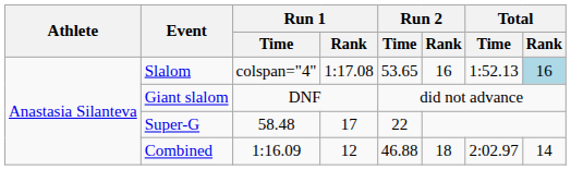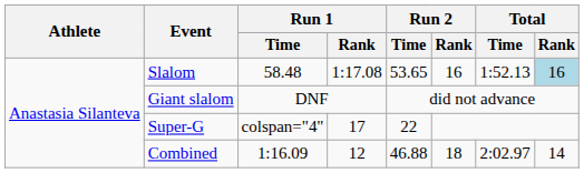 <table class="wikitable" style="font-size:90%">
 <tr>
 <th rowspan=2>Athlete</th>
 <th rowspan=2>Event</th>
 <th colspan=2>Run 1</th>
 <th colspan=2>Run 2</th>
 <th colspan=2>Total</th>
 </tr>
 <tr style="font-size:95%">
 <th>Time</th>
 <th>Rank</th>
 <th>Time</th>
 <th>Rank</th>
 <th>Time</th>
 <th>Rank</th>
 </tr>
 <tr align=center>
 <td align="left" rowspan="4"><a href='#'>Anastasia Silanteva</a></td>
 <td align="left"><a href='#'>Slalom</a></td>
-<td>colspan="4" </td>
+<td>58.48</td>
 <td>1:17.08</td>
 <td>53.65</td>
 <td>16</td>
 <td>1:52.13</td>
 <td style="background: lightblue;">16</td>
 </tr>
 <tr align=center>
 <td align="left"><a href='#'>Giant slalom</a></td>
 <td colspan=2>DNF</td>
 <td colspan=4>did not advance</td>
 </tr>
 <tr align=center>
 <td align="left"><a href='#'>Super-G</a></td>
-<td>58.48</td>
+<td>colspan="4" </td>
 <td>17</td>
 <td>22</td>
 </tr>
 <tr align=center>
 <td align="left"><a href='#'>Combined</a></td>
 <td>1:16.09</td>
 <td>12</td>
 <td>46.88</td>
 <td>18</td>
 <td>2:02.97</td>
 <td>14</td>
 </tr>
 </table>
